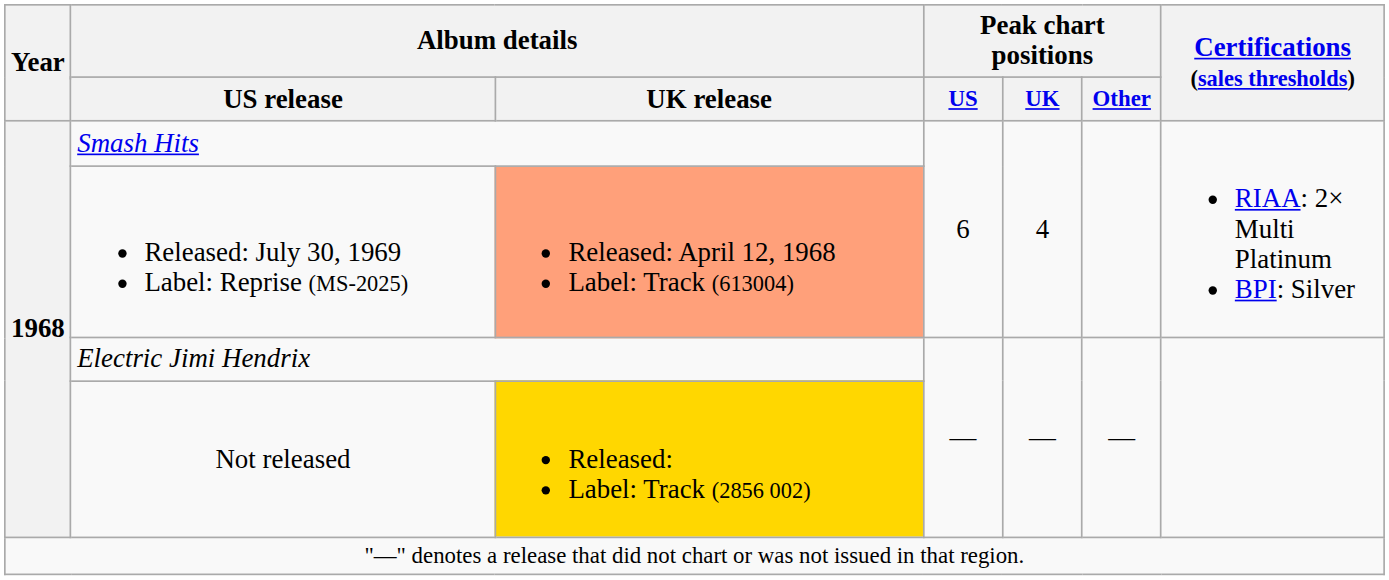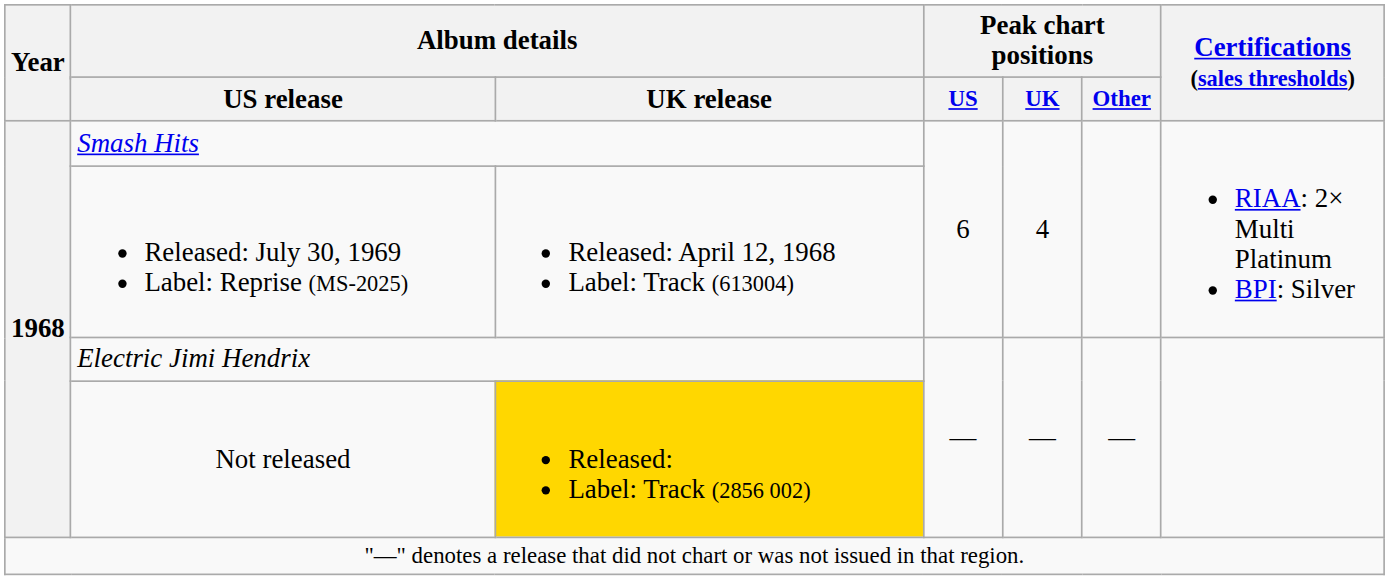 <table class="wikitable">
 <tr>
 <th rowspan="3">Year</th>
 <th rowspan="2" colspan="2" style="width:500px;">Album details</th>
 <th colspan="3">Peak chart positions</th>
 <th rowspan="3" style="width:125px;"><a href='#'>Certifications</a><br><small>(<a href='#'>sales thresholds</a>)</small></th>
 </tr>
 <tr>
 <th style="width:3em;font-size:85%" rowspan="2"><a href='#'>US</a><br></th>
 <th style="width:3em;font-size:85%" rowspan="2"><a href='#'>UK</a><br></th>
 <th style="width:3em;font-size:85%" rowspan="2"><a href='#'>Other</a><br></th>
 </tr>
 <tr>
 <th>US release</th>
 <th>UK release</th>
 </tr>
 <tr>
 <th scope="row" rowspan="4">1968</th>
 <td colspan="2"><em><a href='#'>Smash Hits</a></em></td>
 <td align="center" rowspan="2">6</td>
 <td align="center" rowspan="2">4</td>
 <td align="center" rowspan="2"></td>
 <td rowspan="2"><br><ul><li><a href='#'>RIAA</a>: 2× Multi Platinum</li><li><a href='#'>BPI</a>: Silver</li></ul></td>
 </tr>
 <tr>
 <td><br><ul><li>Released: July 30, 1969</li><li>Label: Reprise <small>(MS-2025)</small></li></ul></td>
-<td style="background: lightsalmon;"><br><ul><li>Released: April 12, 1968</li><li>Label: Track <small>(613004)</small></li></ul></td>
+<td><br><ul><li>Released: April 12, 1968</li><li>Label: Track <small>(613004)</small></li></ul></td>
 </tr>
 <tr>
 <td colspan="2"><em>Electric Jimi Hendrix</em></td>
 <td align="center" rowspan="2">—</td>
 <td align="center" rowspan="2">—</td>
 <td align="center" rowspan="2">—</td>
 <td rowspan="2"></td>
 </tr>
 <tr>
 <td align="center">Not released</td>
 <td style="background: gold;"><br><ul><li>Released: </li><li>Label: Track <small>(2856 002)</small></li></ul></td>
 </tr>
 <tr>
 <td align="center" colspan="8" style="font-size: 85%">"—" denotes a release that did not chart or was not issued in that region.</td>
 </tr>
 </table>
